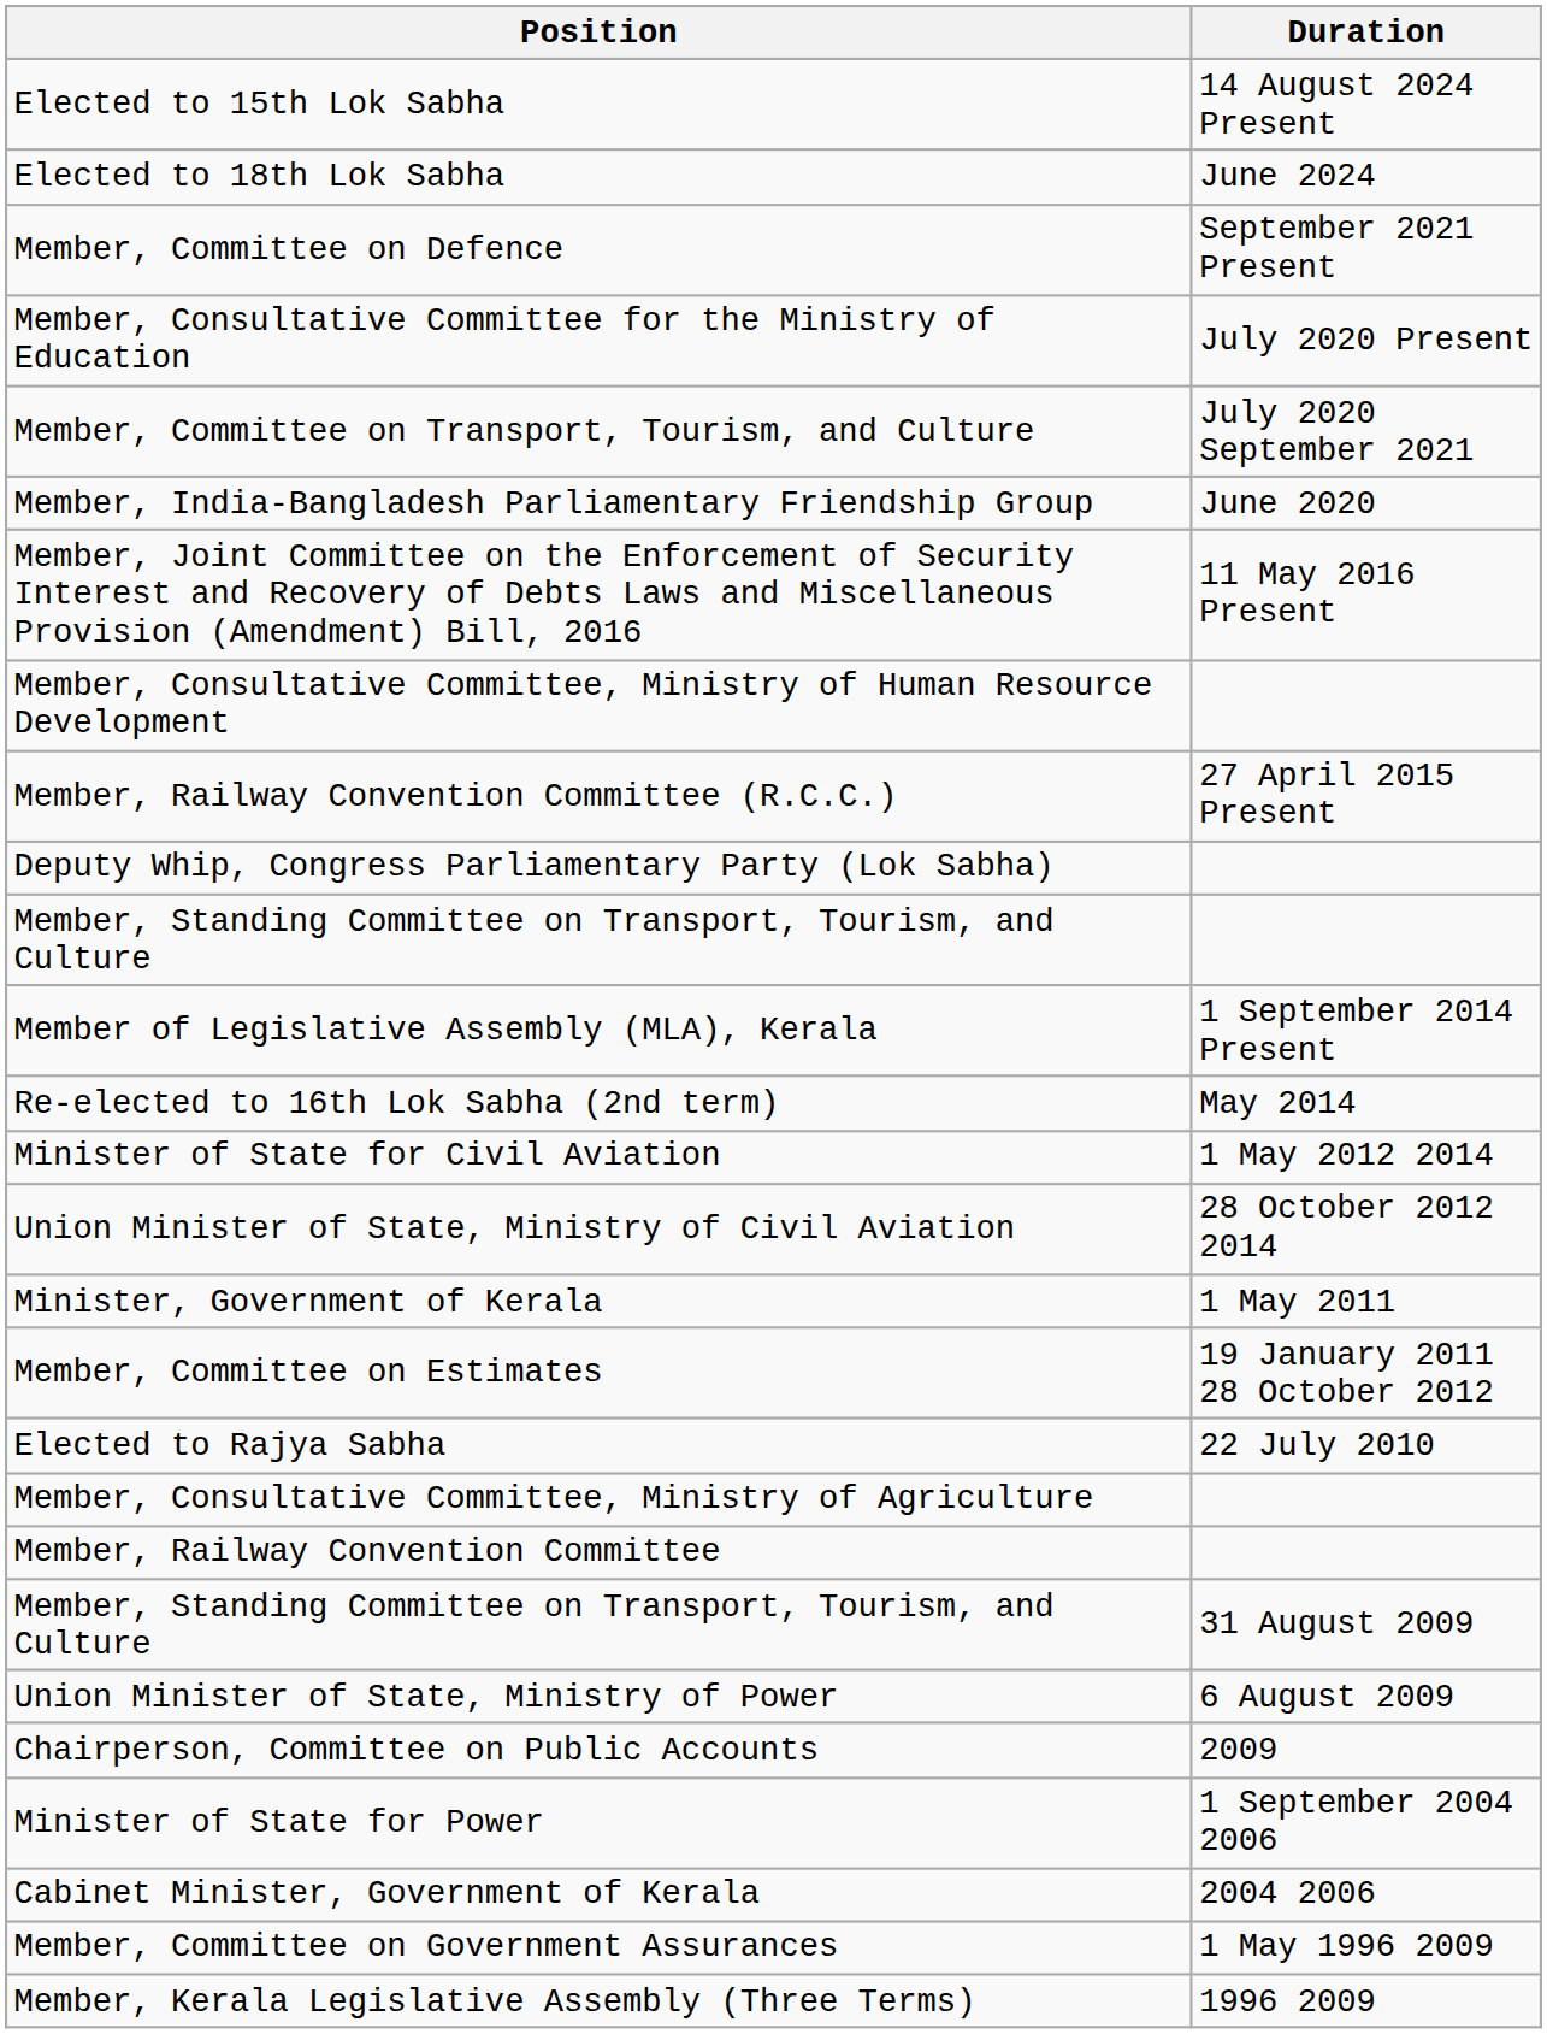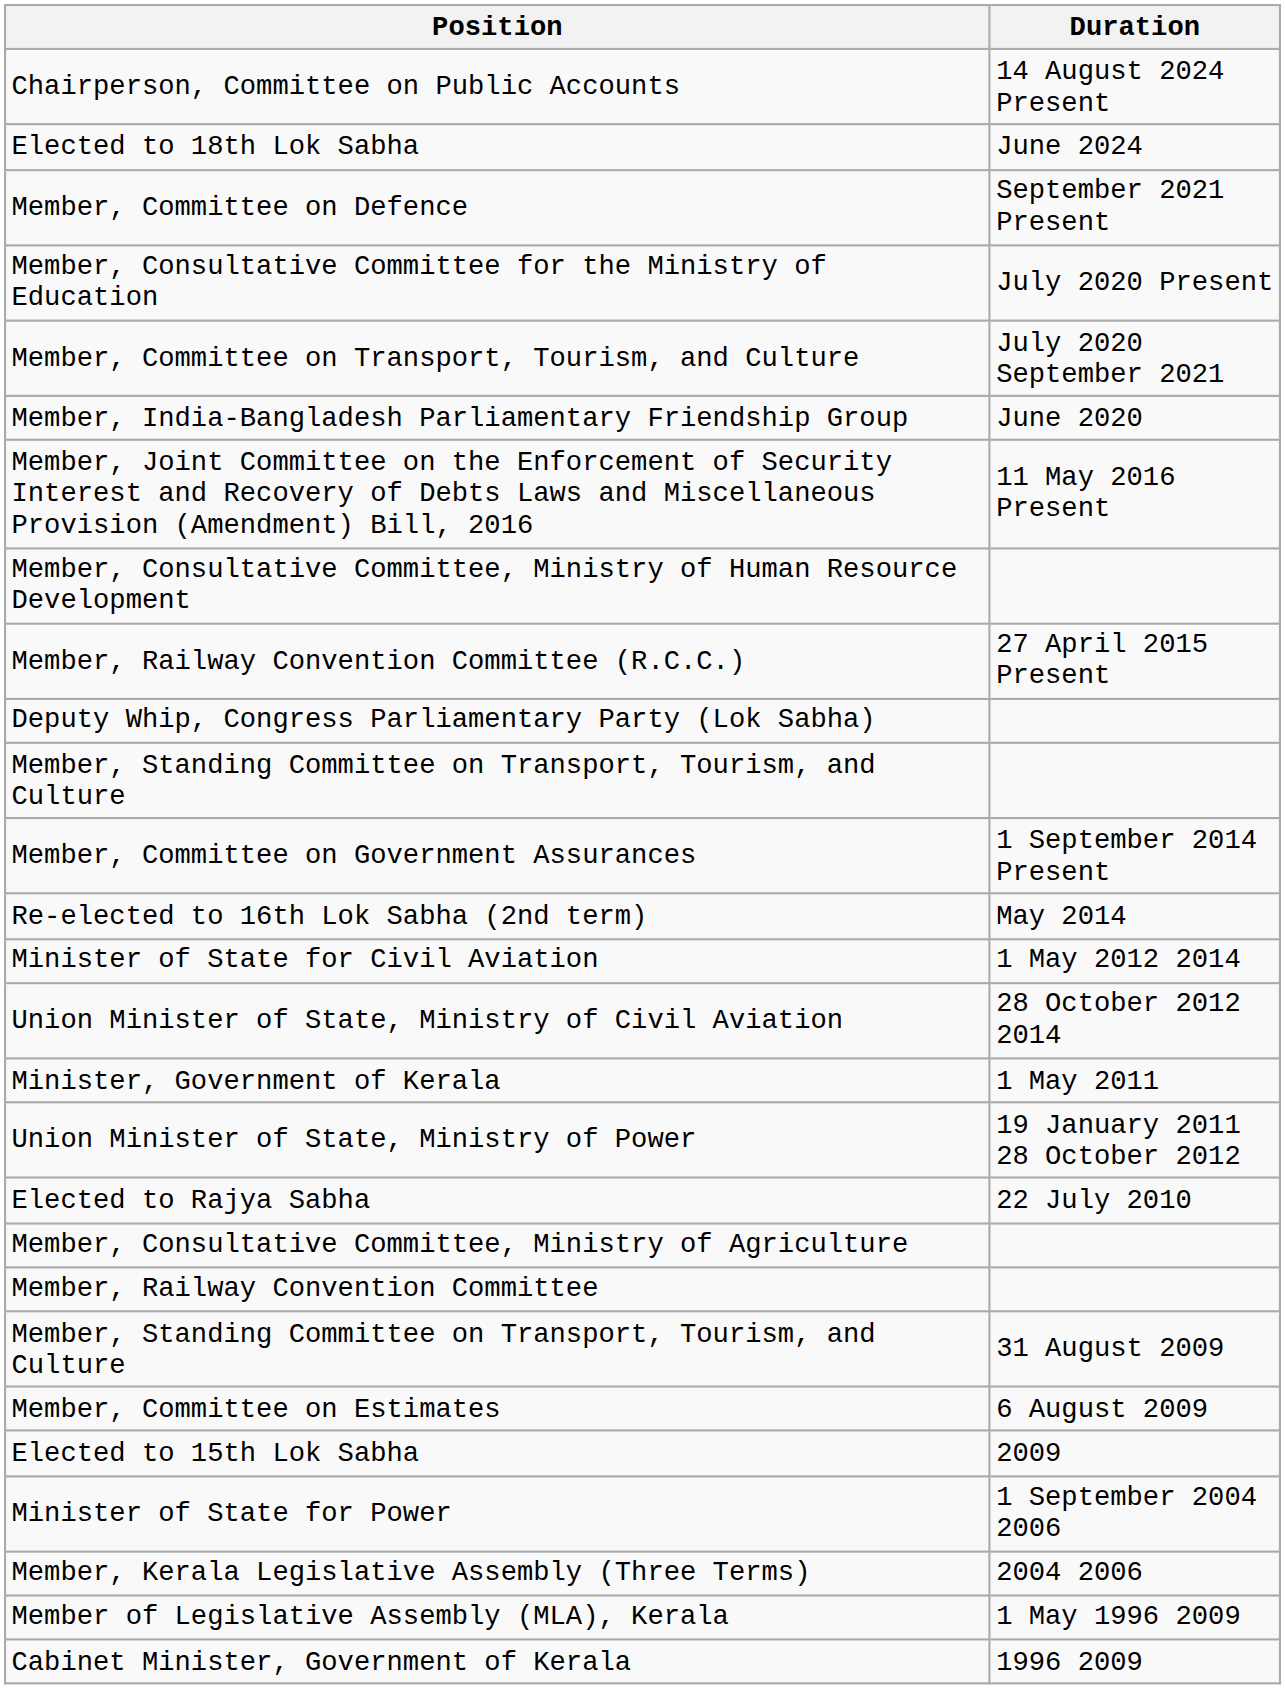 <table class="wikitable">
 <tr>
 <th>Position</th>
 <th>Duration</th>
 </tr>
 <tr>
-<td>Elected to 15th Lok Sabha</td>
+<td>Chairperson, Committee on Public Accounts</td>
 <td>14 August 2024  Present</td>
 </tr>
 <tr>
 <td>Elected to 18th Lok Sabha</td>
 <td>June 2024</td>
 </tr>
 <tr>
 <td>Member, Committee on Defence</td>
 <td>September 2021  Present</td>
 </tr>
 <tr>
 <td>Member, Consultative Committee for the Ministry of Education</td>
 <td>July 2020  Present</td>
 </tr>
 <tr>
 <td>Member, Committee on Transport, Tourism, and Culture</td>
 <td>July 2020  September 2021</td>
 </tr>
 <tr>
 <td>Member, India-Bangladesh Parliamentary Friendship Group</td>
 <td>June 2020</td>
 </tr>
 <tr>
 <td>Member, Joint Committee on the Enforcement of Security Interest and Recovery of Debts Laws and Miscellaneous Provision (Amendment) Bill, 2016</td>
 <td>11 May 2016  Present</td>
 </tr>
 <tr>
 <td>Member, Consultative Committee, Ministry of Human Resource Development</td>
 <td></td>
 </tr>
 <tr>
 <td>Member, Railway Convention Committee (R.C.C.)</td>
 <td>27 April 2015  Present</td>
 </tr>
 <tr>
 <td>Deputy Whip, Congress Parliamentary Party (Lok Sabha)</td>
 <td></td>
 </tr>
 <tr>
 <td>Member, Standing Committee on Transport, Tourism, and Culture</td>
 <td></td>
 </tr>
 <tr>
-<td>Member of Legislative Assembly (MLA), Kerala</td>
+<td>Member, Committee on Government Assurances</td>
 <td>1 September 2014  Present</td>
 </tr>
 <tr>
 <td>Re-elected to 16th Lok Sabha (2nd term)</td>
 <td>May 2014</td>
 </tr>
 <tr>
 <td>Minister of State for Civil Aviation</td>
 <td>1 May 2012  2014</td>
 </tr>
 <tr>
 <td>Union Minister of State, Ministry of Civil Aviation</td>
 <td>28 October 2012  2014</td>
 </tr>
 <tr>
 <td>Minister, Government of Kerala</td>
 <td>1 May 2011 </td>
 </tr>
 <tr>
-<td>Member, Committee on Estimates</td>
+<td>Union Minister of State, Ministry of Power</td>
 <td>19 January 2011  28 October 2012</td>
 </tr>
 <tr>
 <td>Elected to Rajya Sabha</td>
 <td>22 July 2010</td>
 </tr>
 <tr>
 <td>Member, Consultative Committee, Ministry of Agriculture</td>
 <td></td>
 </tr>
 <tr>
 <td>Member, Railway Convention Committee</td>
 <td></td>
 </tr>
 <tr>
 <td>Member, Standing Committee on Transport, Tourism, and Culture</td>
 <td>31 August 2009</td>
 </tr>
 <tr>
-<td>Union Minister of State, Ministry of Power</td>
+<td>Member, Committee on Estimates</td>
 <td>6 August 2009</td>
 </tr>
 <tr>
-<td>Chairperson, Committee on Public Accounts</td>
+<td>Elected to 15th Lok Sabha</td>
 <td>2009</td>
 </tr>
 <tr>
 <td>Minister of State for Power</td>
 <td>1 September 2004  2006</td>
 </tr>
 <tr>
-<td>Cabinet Minister, Government of Kerala</td>
+<td>Member, Kerala Legislative Assembly (Three Terms)</td>
 <td>2004  2006</td>
 </tr>
 <tr>
-<td>Member, Committee on Government Assurances</td>
+<td>Member of Legislative Assembly (MLA), Kerala</td>
 <td>1 May 1996  2009</td>
 </tr>
 <tr>
-<td>Member, Kerala Legislative Assembly (Three Terms)</td>
+<td>Cabinet Minister, Government of Kerala</td>
 <td>1996  2009</td>
 </tr>
 </table>
